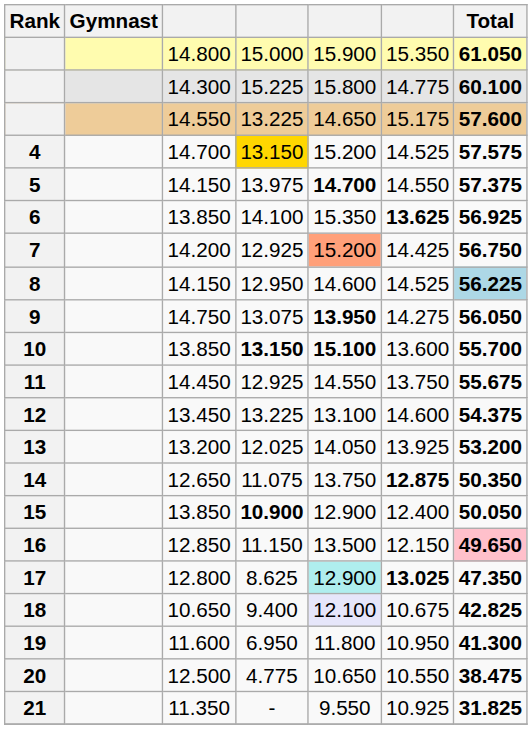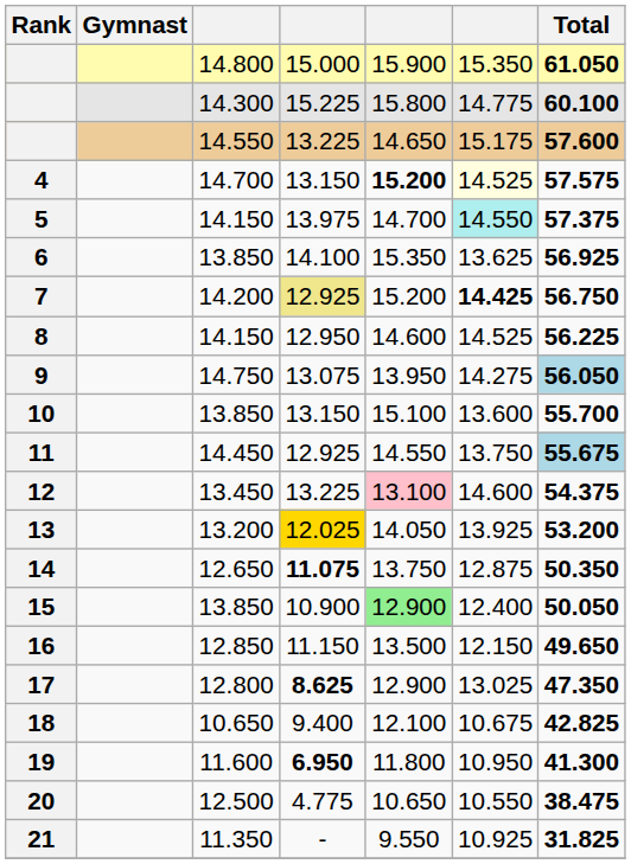 <table class="wikitable sortable" style="text-align:center; font-size:95%">
 <tr>
 <th>Rank</th>
 <th>Gymnast</th>
 <th></th>
 <th></th>
 <th></th>
 <th></th>
 <th>Total</th>
 </tr>
 <tr bgcolor=fffcaf>
 <th scope=row style="text-align:center"></th>
 <td align=left></td>
 <td>14.800</td>
 <td>15.000</td>
 <td>15.900</td>
 <td>15.350</td>
 <td><strong>61.050</strong></td>
 </tr>
 <tr bgcolor=e5e5e5>
 <th scope=row style="text-align:center"></th>
 <td align=left></td>
 <td>14.300</td>
 <td>15.225</td>
 <td>15.800</td>
 <td>14.775</td>
 <td><strong>60.100</strong></td>
 </tr>
 <tr bgcolor=eecc99>
 <th scope=row style="text-align:center"></th>
 <td align=left></td>
 <td>14.550</td>
 <td>13.225</td>
 <td>14.650</td>
 <td>15.175</td>
 <td><strong>57.600</strong></td>
 </tr>
 <tr>
 <th scope=row style="text-align:center">4</th>
 <td align=left></td>
 <td>14.700</td>
-<td style="background: gold;">13.150</td>
-<td>15.200</td>
-<td>14.525</td>
+<td>13.150</td>
+<td><strong>15.200</strong></td>
+<td style="background: lightyellow;">14.525</td>
 <td><strong>57.575</strong></td>
 </tr>
 <tr>
 <th scope=row style="text-align:center">5</th>
 <td align=left></td>
 <td>14.150</td>
 <td>13.975</td>
-<td><strong>14.700</strong></td>
-<td>14.550</td>
+<td>14.700</td>
+<td style="background: paleturquoise;">14.550</td>
 <td><strong>57.375</strong></td>
 </tr>
 <tr>
 <th scope=row style="text-align:center">6</th>
 <td align=left></td>
 <td>13.850</td>
 <td>14.100</td>
 <td>15.350</td>
-<td><strong>13.625</strong></td>
+<td>13.625</td>
 <td><strong>56.925</strong></td>
 </tr>
 <tr>
 <th scope=row style="text-align:center">7</th>
 <td align=left></td>
 <td>14.200</td>
-<td>12.925</td>
-<td style="background: lightsalmon;">15.200</td>
-<td>14.425</td>
+<td style="background: khaki;">12.925</td>
+<td>15.200</td>
+<td><strong>14.425</strong></td>
 <td><strong>56.750</strong></td>
 </tr>
 <tr>
 <th scope=row style="text-align:center">8</th>
 <td align=left></td>
 <td>14.150</td>
 <td>12.950</td>
 <td>14.600</td>
 <td>14.525</td>
-<td style="background: lightblue;"><strong>56.225</strong></td>
+<td><strong>56.225</strong></td>
 </tr>
 <tr>
 <th scope=row style="text-align:center">9</th>
 <td align=left></td>
 <td>14.750</td>
 <td>13.075</td>
-<td><strong>13.950</strong></td>
+<td>13.950</td>
 <td>14.275</td>
-<td><strong>56.050</strong></td>
+<td style="background: lightblue;"><strong>56.050</strong></td>
 </tr>
 <tr>
 <th scope=row style="text-align:center">10</th>
 <td align=left></td>
 <td>13.850</td>
-<td><strong>13.150</strong></td>
-<td><strong>15.100</strong></td>
+<td>13.150</td>
+<td>15.100</td>
 <td>13.600</td>
 <td><strong>55.700</strong></td>
 </tr>
 <tr>
 <th scope=row style="text-align:center">11</th>
 <td align=left></td>
 <td>14.450</td>
 <td>12.925</td>
 <td>14.550</td>
 <td>13.750</td>
-<td><strong>55.675</strong></td>
+<td style="background: lightblue;"><strong>55.675</strong></td>
 </tr>
 <tr>
 <th scope=row style="text-align:center">12</th>
 <td align=left></td>
 <td>13.450</td>
 <td>13.225</td>
-<td>13.100</td>
+<td style="background: pink;">13.100</td>
 <td>14.600</td>
 <td><strong>54.375</strong></td>
 </tr>
 <tr>
 <th scope=row style="text-align:center">13</th>
 <td align=left></td>
 <td>13.200</td>
-<td>12.025</td>
+<td style="background: gold;">12.025</td>
 <td>14.050</td>
 <td>13.925</td>
 <td><strong>53.200</strong></td>
 </tr>
 <tr>
 <th scope=row style="text-align:center">14</th>
 <td align=left></td>
 <td>12.650</td>
-<td>11.075</td>
+<td><strong>11.075</strong></td>
 <td>13.750</td>
-<td><strong>12.875</strong></td>
+<td>12.875</td>
 <td><strong>50.350</strong></td>
 </tr>
 <tr>
 <th scope=row style="text-align:center">15</th>
 <td align=left></td>
 <td>13.850</td>
-<td><strong>10.900</strong></td>
-<td>12.900</td>
+<td>10.900</td>
+<td style="background: lightgreen;">12.900</td>
 <td>12.400</td>
 <td><strong>50.050</strong></td>
 </tr>
 <tr>
 <th scope=row style="text-align:center">16</th>
 <td align=left></td>
 <td>12.850</td>
 <td>11.150</td>
 <td>13.500</td>
 <td>12.150</td>
-<td style="background: pink;"><strong>49.650</strong></td>
+<td><strong>49.650</strong></td>
 </tr>
 <tr>
 <th scope=row style="text-align:center">17</th>
 <td align=left></td>
 <td>12.800</td>
-<td>8.625</td>
-<td style="background: paleturquoise;">12.900</td>
-<td><strong>13.025</strong></td>
+<td><strong>8.625</strong></td>
+<td>12.900</td>
+<td>13.025</td>
 <td><strong>47.350</strong></td>
 </tr>
 <tr>
 <th scope=row style="text-align:center">18</th>
 <td align=left></td>
 <td>10.650</td>
 <td>9.400</td>
-<td style="background: lavender;">12.100</td>
+<td>12.100</td>
 <td>10.675</td>
 <td><strong>42.825</strong></td>
 </tr>
 <tr>
 <th scope=row style="text-align:center">19</th>
 <td align=left></td>
 <td>11.600</td>
-<td>6.950</td>
+<td><strong>6.950</strong></td>
 <td>11.800</td>
 <td>10.950</td>
 <td><strong>41.300</strong></td>
 </tr>
 <tr>
 <th scope=row style="text-align:center">20</th>
 <td align=left></td>
 <td>12.500</td>
 <td>4.775</td>
 <td>10.650</td>
 <td>10.550</td>
 <td><strong>38.475</strong></td>
 </tr>
 <tr>
 <th scope=row style="text-align:center">21</th>
 <td align=left></td>
 <td>11.350</td>
 <td>-</td>
 <td>9.550</td>
 <td>10.925</td>
 <td><strong>31.825</strong></td>
 </tr>
 <tr>
 </tr>
 </table>
